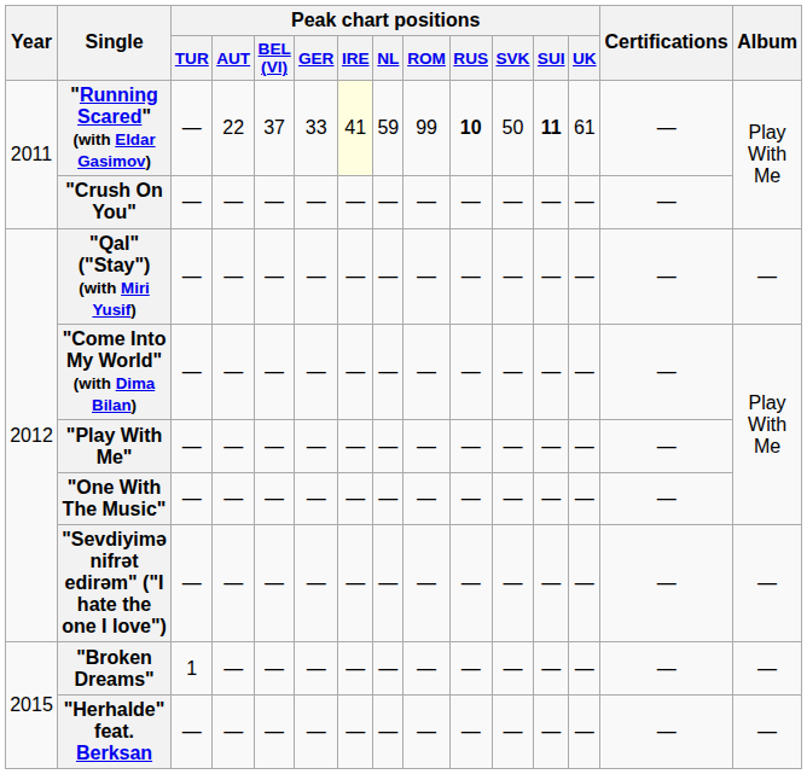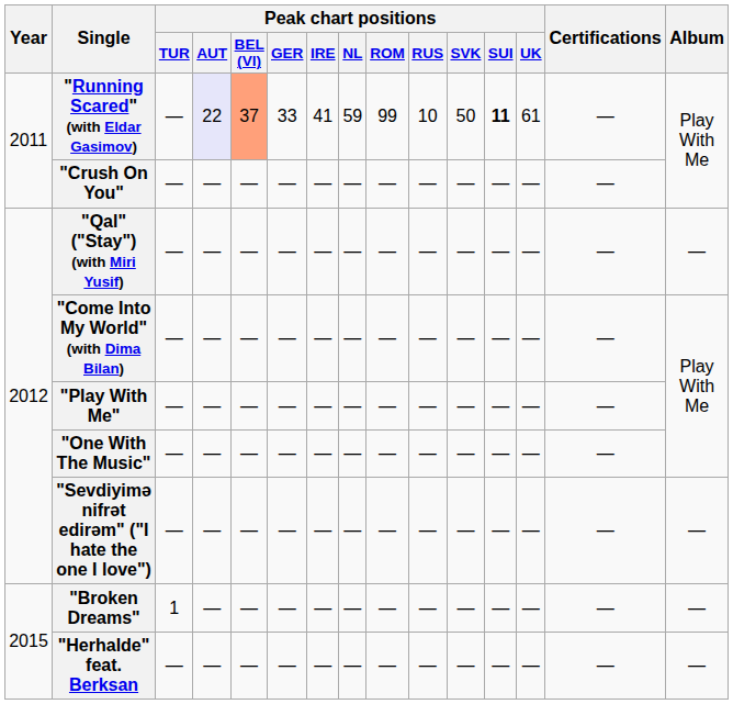 <table class="wikitable plainrowheaders" style="text-align:center;">
 <tr>
 <th scope="col" rowspan="2">Year</th>
 <th scope="col" rowspan="2">Single</th>
 <th scope="col" colspan="11">Peak chart positions</th>
 <th scope="col" rowspan="2">Certifications</th>
 <th scope="col" rowspan="2">Album</th>
 </tr>
 <tr>
 <th scope="col" style="width:3em;font-size:85%;"><a href='#'>TUR</a></th>
 <th scope="col" style="width:3em;font-size:85%;"><a href='#'>AUT</a><br></th>
 <th scope="col" style="width:3em;font-size:85%;"><a href='#'>BEL (Vl)</a><br></th>
 <th scope="col" style="width:3em;font-size:85%;"><a href='#'>GER</a><br></th>
 <th scope="col" style="width:3em;font-size:85%;"><a href='#'>IRE</a><br></th>
 <th scope="col" style="width:3em;font-size:85%;"><a href='#'>NL</a><br></th>
 <th scope="col" style="width:3em;font-size:85%;"><a href='#'>ROM</a><br></th>
 <th scope="col" style="width:3em;font-size:85%;"><a href='#'>RUS</a></th>
 <th scope="col" style="width:3em;font-size:85%;"><a href='#'>SVK</a><br></th>
 <th scope="col" style="width:3em;font-size:85%;"><a href='#'>SUI</a><br></th>
 <th scope="col" style="width:3em;font-size:85%;"><a href='#'>UK</a><br></th>
 </tr>
 <tr>
 <td rowspan="2">2011</td>
 <th scope="row">"<a href='#'>Running Scared</a>"<br><small>(with <a href='#'>Eldar Gasimov</a>)</small></th>
 <td>—</td>
-<td>22</td>
-<td>37</td>
+<td style="background: lavender;">22</td>
+<td style="background: lightsalmon;">37</td>
 <td>33</td>
-<td style="background: lightyellow;">41</td>
+<td>41</td>
 <td>59</td>
 <td>99</td>
-<td><strong>10</strong></td>
+<td>10</td>
 <td>50</td>
 <td><strong>11</strong></td>
 <td>61</td>
 <td>—</td>
 <td rowspan="2">Play With Me</td>
 </tr>
 <tr>
 <th scope="row">"Crush On You"</th>
 <td>—</td>
 <td>—</td>
 <td>—</td>
 <td>—</td>
 <td>—</td>
 <td>—</td>
 <td>—</td>
 <td>—</td>
 <td>—</td>
 <td>—</td>
 <td>—</td>
 <td>—</td>
 </tr>
 <tr>
 <td rowspan="5">2012</td>
 <th scope="row">"Qal" ("Stay") <small>(with <a href='#'>Miri Yusif</a>)</small></th>
 <td>—</td>
 <td>—</td>
 <td>—</td>
 <td>—</td>
 <td>—</td>
 <td>—</td>
 <td>—</td>
 <td>—</td>
 <td>—</td>
 <td>—</td>
 <td>—</td>
 <td>—</td>
 <td>—</td>
 </tr>
 <tr>
 <th scope="row">"Come Into My World" <small>(with <a href='#'>Dima Bilan</a>)</small></th>
 <td>—</td>
 <td>—</td>
 <td>—</td>
 <td>—</td>
 <td>—</td>
 <td>—</td>
 <td>—</td>
 <td>—</td>
 <td>—</td>
 <td>—</td>
 <td>—</td>
 <td>—</td>
 <td rowspan="3">Play With Me</td>
 </tr>
 <tr>
 <th scope="row">"Play With Me"</th>
 <td>—</td>
 <td>—</td>
 <td>—</td>
 <td>—</td>
 <td>—</td>
 <td>—</td>
 <td>—</td>
 <td>—</td>
 <td>—</td>
 <td>—</td>
 <td>—</td>
 <td>—</td>
 </tr>
 <tr>
 <th scope="row">"One With The Music"</th>
 <td>—</td>
 <td>—</td>
 <td>—</td>
 <td>—</td>
 <td>—</td>
 <td>—</td>
 <td>—</td>
 <td>—</td>
 <td>—</td>
 <td>—</td>
 <td>—</td>
 <td>—</td>
 </tr>
 <tr>
 <th scope="row">"Sevdiyimə nifrət edirəm" ("I hate the one I love")</th>
 <td>—</td>
 <td>—</td>
 <td>—</td>
 <td>—</td>
 <td>—</td>
 <td>—</td>
 <td>—</td>
 <td>—</td>
 <td>—</td>
 <td>—</td>
 <td>—</td>
 <td>—</td>
 <td>—</td>
 </tr>
 <tr>
 <td rowspan="2">2015</td>
 <th scope="row">"Broken Dreams"</th>
 <td>1</td>
 <td>—</td>
 <td>—</td>
 <td>—</td>
 <td>—</td>
 <td>—</td>
 <td>—</td>
 <td>—</td>
 <td>—</td>
 <td>—</td>
 <td>—</td>
 <td>—</td>
 <td>—</td>
 </tr>
 <tr>
 <th scope="row">"Herhalde" feat. <a href='#'>Berksan</a></th>
 <td>—</td>
 <td>—</td>
 <td>—</td>
 <td>—</td>
 <td>—</td>
 <td>—</td>
 <td>—</td>
 <td>—</td>
 <td>—</td>
 <td>—</td>
 <td>—</td>
 <td>—</td>
 <td>—</td>
 </tr>
 </table>
